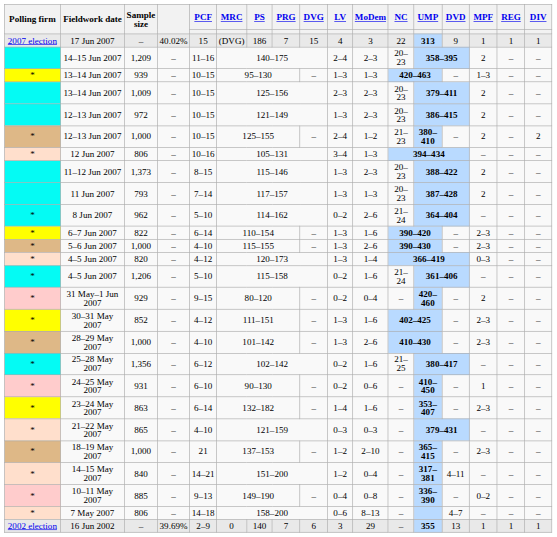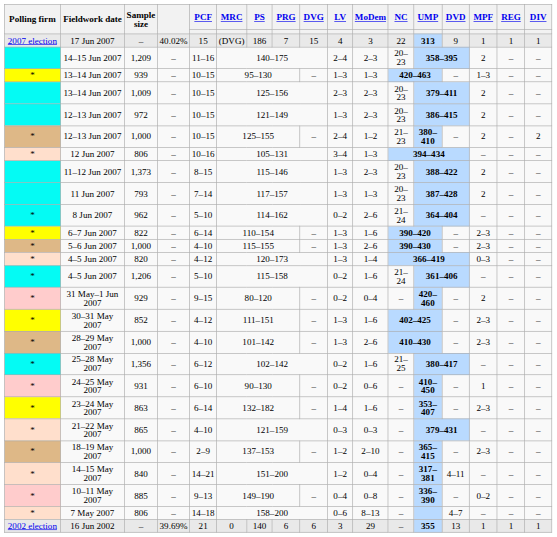 <table class="wikitable sortable" style="text-align:center;font-size:90%;line-height:14px;">
 <tr style="height:40px;">
 <th style="width:100px;" rowspan="2">Polling firm</th>
 <th style="width:110px;" rowspan="2">Fieldwork date</th>
 <th style="width:35px;" rowspan="2">Sample<br>size</th>
 <th style="width:30px;" rowspan="2"></th>
 <th class="unsortable" style="width:40px;"><a href='#'>PCF</a></th>
 <th class="unsortable" style="width:40px;"><a href='#'>MRC</a></th>
 <th class="unsortable" style="width:40px;"><a href='#'>PS</a></th>
 <th class="unsortable" style="width:40px;"><a href='#'>PRG</a></th>
 <th class="unsortable" style="width:40px;"><a href='#'>DVG</a></th>
 <th class="unsortable" style="width:40px;"><a href='#'>LV</a></th>
 <th class="unsortable" style="width:40px;"><a href='#'>MoDem</a></th>
 <th class="unsortable" style="width:40px;"><a href='#'>NC</a></th>
 <th class="unsortable" style="width:40px;"><a href='#'>UMP</a></th>
 <th class="unsortable" style="width:40px;"><a href='#'>DVD</a></th>
 <th class="unsortable" style="width:40px;"><a href='#'>MPF</a></th>
 <th class="unsortable" style="width:40px;"><a href='#'>REG</a></th>
 <th class="unsortable" style="width:40px;"><a href='#'>DIV</a></th>
 </tr>
 <tr>
 <th style="background:"></th>
 <th style="background:"></th>
 <th style="background:"></th>
 <th style="background:"></th>
 <th style="background:"></th>
 <th style="background:"></th>
 <th style="background:"></th>
 <th style="background:"></th>
 <th style="background:"></th>
 <th style="background:"></th>
 <th style="background:"></th>
 <th style="background:"></th>
 <th style="background:"></th>
 </tr>
 <tr style="background:#E9E9E9;">
 <td><a href='#'>2007 election</a></td>
 <td data-sort-value="2007-06-17">17 Jun 2007</td>
 <td>–</td>
 <td>40.02%</td>
 <td>15</td>
 <td>(DVG)</td>
 <td>186</td>
 <td>7</td>
 <td>15</td>
 <td>4</td>
 <td>3</td>
 <td>22</td>
 <td style="background:#B9DAFF;"><strong>313</strong></td>
 <td>9</td>
 <td>1</td>
 <td>1</td>
 <td>1</td>
 </tr>
 <tr>
 <td style="background:#04FBF4;"></td>
 <td data-sort-value="2007-06-15">14–15 Jun 2007</td>
 <td>1,209</td>
 <td>–</td>
 <td>11–16</td>
 <td colspan="4">140–175</td>
 <td>2–4</td>
 <td>2–3</td>
 <td>20–23</td>
 <td style="background:#B9DAFF;" colspan="2"><strong>358–395</strong></td>
 <td>2</td>
 <td>–</td>
 <td>–</td>
 </tr>
 <tr>
 <td style="background:yellow;">*</td>
 <td data-sort-value="2007-06-14">13–14 Jun 2007</td>
 <td>939</td>
 <td>–</td>
 <td>10–15</td>
 <td colspan="3">95–130</td>
 <td>–</td>
 <td>1–3</td>
 <td>1–3</td>
 <td style="background:#B9DAFF;" colspan="2"><strong>420–463</strong></td>
 <td>–</td>
 <td>1–3</td>
 <td>–</td>
 <td>–</td>
 </tr>
 <tr>
 <td style="background:#04FBF4;"></td>
 <td data-sort-value="2007-06-14">13–14 Jun 2007</td>
 <td>1,009</td>
 <td>–</td>
 <td>10–15</td>
 <td colspan="4">125–156</td>
 <td>2–3</td>
 <td>2–3</td>
 <td>20–23</td>
 <td style="background:#B9DAFF;" colspan="2"><strong>379–411</strong></td>
 <td>2</td>
 <td>–</td>
 <td>–</td>
 </tr>
 <tr>
 <td style="background:#04FBF4;"></td>
 <td data-sort-value="2007-06-13">12–13 Jun 2007</td>
 <td>972</td>
 <td>–</td>
 <td>10–15</td>
 <td colspan="4">121–149</td>
 <td>1–3</td>
 <td>2–3</td>
 <td>20–23</td>
 <td style="background:#B9DAFF;" colspan="2"><strong>386–415</strong></td>
 <td>2</td>
 <td>–</td>
 <td>–</td>
 </tr>
 <tr>
 <td style="background:burlywood;">*</td>
 <td data-sort-value="2007-06-13">12–13 Jun 2007</td>
 <td>1,000</td>
 <td>–</td>
 <td>10–15</td>
 <td colspan="3">125–155</td>
 <td>–</td>
 <td>2–4</td>
 <td>1–2</td>
 <td>21–23</td>
 <td style="background:#B9DAFF;"><strong>380–410</strong></td>
 <td>–</td>
 <td>2</td>
 <td>–</td>
 <td>2</td>
 </tr>
 <tr>
 <td style="background:#FFDFCC;">*</td>
 <td data-sort-value="2007-06-12">12 Jun 2007</td>
 <td>806</td>
 <td>–</td>
 <td>10–16</td>
 <td colspan="4">105–131</td>
 <td>3–4</td>
 <td>1–3</td>
 <td style="background:#B9DAFF;" colspan="3"><strong>394–434</strong></td>
 <td>–</td>
 <td>–</td>
 <td>–</td>
 </tr>
 <tr>
 <td style="background:#04FBF4;"></td>
 <td data-sort-value="2007-06-12">11–12 Jun 2007</td>
 <td>1,373</td>
 <td>–</td>
 <td>8–15</td>
 <td colspan="4">115–146</td>
 <td>1–3</td>
 <td>2–3</td>
 <td>20–23</td>
 <td style="background:#B9DAFF;" colspan="2"><strong>388–422</strong></td>
 <td>2</td>
 <td>–</td>
 <td>–</td>
 </tr>
 <tr>
 <td style="background:#04FBF4;"></td>
 <td data-sort-value="2007-06-11">11 Jun 2007</td>
 <td>793</td>
 <td>–</td>
 <td>7–14</td>
 <td colspan="4">117–157</td>
 <td>1–3</td>
 <td>1–3</td>
 <td>20–23</td>
 <td style="background:#B9DAFF;" colspan="2"><strong>387–428</strong></td>
 <td>2</td>
 <td>–</td>
 <td>–</td>
 </tr>
 <tr>
 <td style="background:#04FBF4;">*</td>
 <td data-sort-value="2007-06-08">8 Jun 2007</td>
 <td>962</td>
 <td>–</td>
 <td>5–10</td>
 <td colspan="4">114–162</td>
 <td>0–2</td>
 <td>2–6</td>
 <td>21–24</td>
 <td style="background:#B9DAFF;" colspan="2"><strong>364–404</strong></td>
 <td>–</td>
 <td>–</td>
 <td>–</td>
 </tr>
 <tr>
 <td style="background:yellow;">*</td>
 <td data-sort-value="2007-06-07">6–7 Jun 2007</td>
 <td>822</td>
 <td>–</td>
 <td>6–14</td>
 <td colspan="3">110–154</td>
 <td>–</td>
 <td>1–3</td>
 <td>1–6</td>
 <td style="background:#B9DAFF;" colspan="2"><strong>390–420</strong></td>
 <td>–</td>
 <td>2–3</td>
 <td>–</td>
 <td>–</td>
 </tr>
 <tr>
 <td style="background:burlywood;">*</td>
 <td data-sort-value="2007-06-06">5–6 Jun 2007</td>
 <td>1,000</td>
 <td>–</td>
 <td>4–10</td>
 <td colspan="3">115–155</td>
 <td>–</td>
 <td>1–3</td>
 <td>2–6</td>
 <td style="background:#B9DAFF;" colspan="2"><strong>390–430</strong></td>
 <td>–</td>
 <td>2–3</td>
 <td>–</td>
 <td>–</td>
 </tr>
 <tr>
 <td style="background:#FFDFCC;">*</td>
 <td data-sort-value="2007-06-05">4–5 Jun 2007</td>
 <td>820</td>
 <td>–</td>
 <td>4–12</td>
 <td colspan="4">120–173</td>
 <td>1–3</td>
 <td>1–4</td>
 <td style="background:#B9DAFF;" colspan="3"><strong>366–419</strong></td>
 <td>0–3</td>
 <td>–</td>
 <td>–</td>
 </tr>
 <tr>
 <td style="background:#04FBF4;">*</td>
 <td data-sort-value="2007-06-05">4–5 Jun 2007</td>
 <td>1,206</td>
 <td>–</td>
 <td>5–10</td>
 <td colspan="4">115–158</td>
 <td>0–2</td>
 <td>1–6</td>
 <td>21–24</td>
 <td style="background:#B9DAFF;" colspan="2"><strong>361–406</strong></td>
 <td>–</td>
 <td>–</td>
 <td>–</td>
 </tr>
 <tr>
 <td style="background:#FFCCCC;">*</td>
 <td data-sort-value="2007-06-01">31 May–1 Jun 2007</td>
 <td>929</td>
 <td>–</td>
 <td>9–15</td>
 <td colspan="3">80–120</td>
 <td>–</td>
 <td>0–2</td>
 <td>0–4</td>
 <td>–</td>
 <td style="background:#B9DAFF;"><strong>420–460</strong></td>
 <td>–</td>
 <td>2</td>
 <td>–</td>
 <td>–</td>
 </tr>
 <tr>
 <td style="background:yellow;">*</td>
 <td data-sort-value="2007-05-31">30–31 May 2007</td>
 <td>852</td>
 <td>–</td>
 <td>4–12</td>
 <td colspan="3">111–151</td>
 <td>–</td>
 <td>1–3</td>
 <td>1–6</td>
 <td style="background:#B9DAFF;" colspan="2"><strong>402–425</strong></td>
 <td>–</td>
 <td>2–3</td>
 <td>–</td>
 <td>–</td>
 </tr>
 <tr>
 <td style="background:burlywood;">*</td>
 <td data-sort-value="2007-05-29">28–29 May 2007</td>
 <td>1,000</td>
 <td>–</td>
 <td>4–10</td>
 <td colspan="3">101–142</td>
 <td>–</td>
 <td>1–3</td>
 <td>2–6</td>
 <td style="background:#B9DAFF;" colspan="2"><strong>410–430</strong></td>
 <td>–</td>
 <td>2–3</td>
 <td>–</td>
 <td>–</td>
 </tr>
 <tr>
 <td style="background:#04FBF4;">*</td>
 <td data-sort-value="2007-05-28">25–28 May 2007</td>
 <td>1,356</td>
 <td>–</td>
 <td>6–12</td>
 <td colspan="4">102–142</td>
 <td>0–2</td>
 <td>1–6</td>
 <td>21–25</td>
 <td style="background:#B9DAFF;" colspan="2"><strong>380–417</strong></td>
 <td>–</td>
 <td>–</td>
 <td>–</td>
 </tr>
 <tr>
 <td style="background:#FFCCCC;">*</td>
 <td data-sort-value="2007-05-25">24–25 May 2007</td>
 <td>931</td>
 <td>–</td>
 <td>6–10</td>
 <td colspan="3">90–130</td>
 <td>–</td>
 <td>0–2</td>
 <td>0–6</td>
 <td>–</td>
 <td style="background:#B9DAFF;"><strong>410–450</strong></td>
 <td>–</td>
 <td>1</td>
 <td>–</td>
 <td>–</td>
 </tr>
 <tr>
 <td style="background:yellow;">*</td>
 <td data-sort-value="2007-05-24">23–24 May 2007</td>
 <td>863</td>
 <td>–</td>
 <td>6–14</td>
 <td colspan="3">132–182</td>
 <td>–</td>
 <td>1–4</td>
 <td>1–6</td>
 <td>–</td>
 <td style="background:#B9DAFF;"><strong>353–407</strong></td>
 <td>–</td>
 <td>2–3</td>
 <td>–</td>
 <td>–</td>
 </tr>
 <tr>
 <td style="background:#FFDFCC;">*</td>
 <td data-sort-value="2007-05-22">21–22 May 2007</td>
 <td>865</td>
 <td>–</td>
 <td>4–10</td>
 <td colspan="4">121–159</td>
 <td>0–3</td>
 <td>0–3</td>
 <td>–</td>
 <td style="background:#B9DAFF;" colspan="2"><strong>379–431</strong></td>
 <td>–</td>
 <td>–</td>
 <td>–</td>
 </tr>
 <tr>
 <td style="background:burlywood;">*</td>
 <td data-sort-value="2007-05-19">18–19 May 2007</td>
 <td>1,000</td>
 <td>–</td>
-<td>21</td>
+<td>2–9</td>
 <td colspan="3">137–153</td>
 <td>–</td>
 <td>1–2</td>
 <td>2–10</td>
 <td>–</td>
 <td style="background:#B9DAFF;"><strong>365–415</strong></td>
 <td>–</td>
 <td>2–3</td>
 <td>–</td>
 <td>–</td>
 </tr>
 <tr>
 <td style="background:#FFDFCC;">*</td>
 <td data-sort-value="2007-05-15">14–15 May 2007</td>
 <td>840</td>
 <td>–</td>
 <td>14–21</td>
 <td colspan="4">151–200</td>
 <td>1–2</td>
 <td>0–4</td>
 <td>–</td>
 <td style="background:#B9DAFF;"><strong>317–381</strong></td>
 <td>4–11</td>
 <td>–</td>
 <td>–</td>
 <td>–</td>
 </tr>
 <tr>
 <td style="background:#FFCCCC;">*</td>
 <td data-sort-value="2007-05-11">10–11 May 2007</td>
 <td>885</td>
 <td>–</td>
 <td>9–13</td>
 <td colspan="3">149–190</td>
 <td>–</td>
 <td>0–4</td>
 <td>0–8</td>
 <td>–</td>
 <td style="background:#B9DAFF;"><strong>336–390</strong></td>
 <td>–</td>
 <td>0–2</td>
 <td>–</td>
 <td>–</td>
 </tr>
 <tr>
 <td style="background:#FFDFCC;">*</td>
 <td data-sort-value="2007-05-07">7 May 2007</td>
 <td>806</td>
 <td>–</td>
 <td>14–18</td>
 <td colspan="4">158–200</td>
 <td>0–6</td>
 <td>8–13</td>
 <td>–</td>
 <td style="background:#B9DAFF;"></td>
 <td>4–7</td>
 <td>–</td>
 <td>–</td>
 <td>–</td>
 </tr>
 <tr style="background:#E9E9E9;">
 <td><a href='#'>2002 election</a></td>
 <td data-sort-value="2002-06-16">16 Jun 2002</td>
 <td>–</td>
 <td>39.69%</td>
-<td>2–9</td>
+<td>21</td>
 <td>0</td>
 <td>140</td>
-<td>7</td>
+<td>6</td>
 <td>6</td>
 <td>3</td>
 <td>29</td>
 <td>–</td>
 <td style="background:#B9DAFF;"><strong>355</strong></td>
 <td>13</td>
 <td>1</td>
 <td>1</td>
 <td>1</td>
 </tr>
 </table>
